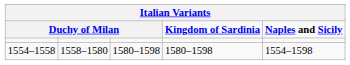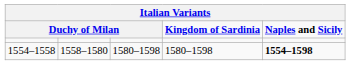 <table class="wikitable" style="margin-left: auto; margin-right: auto; border: none;">
 <tr>
 <th colspan="5"><a href='#'>Italian Variants</a></th>
 </tr>
 <tr>
 <th colspan="3"><a href='#'>Duchy of Milan</a></th>
 <td><strong><a href='#'>Kingdom of Sardinia</a></strong></td>
 <td><strong><a href='#'>Naples</a> and <a href='#'>Sicily</a></strong></td>
 </tr>
 <tr>
 <td align="center"></td>
 <td align="center"></td>
 <td align="center"></td>
 <td align="center"></td>
 <td align="center"></td>
 </tr>
 <tr>
 <td>1554–1558</td>
 <td>1558–1580</td>
 <td>1580–1598</td>
 <td>1580–1598</td>
-<td>1554–1598</td>
+<td><strong>1554–1598</strong></td>
 </tr>
 </table>
